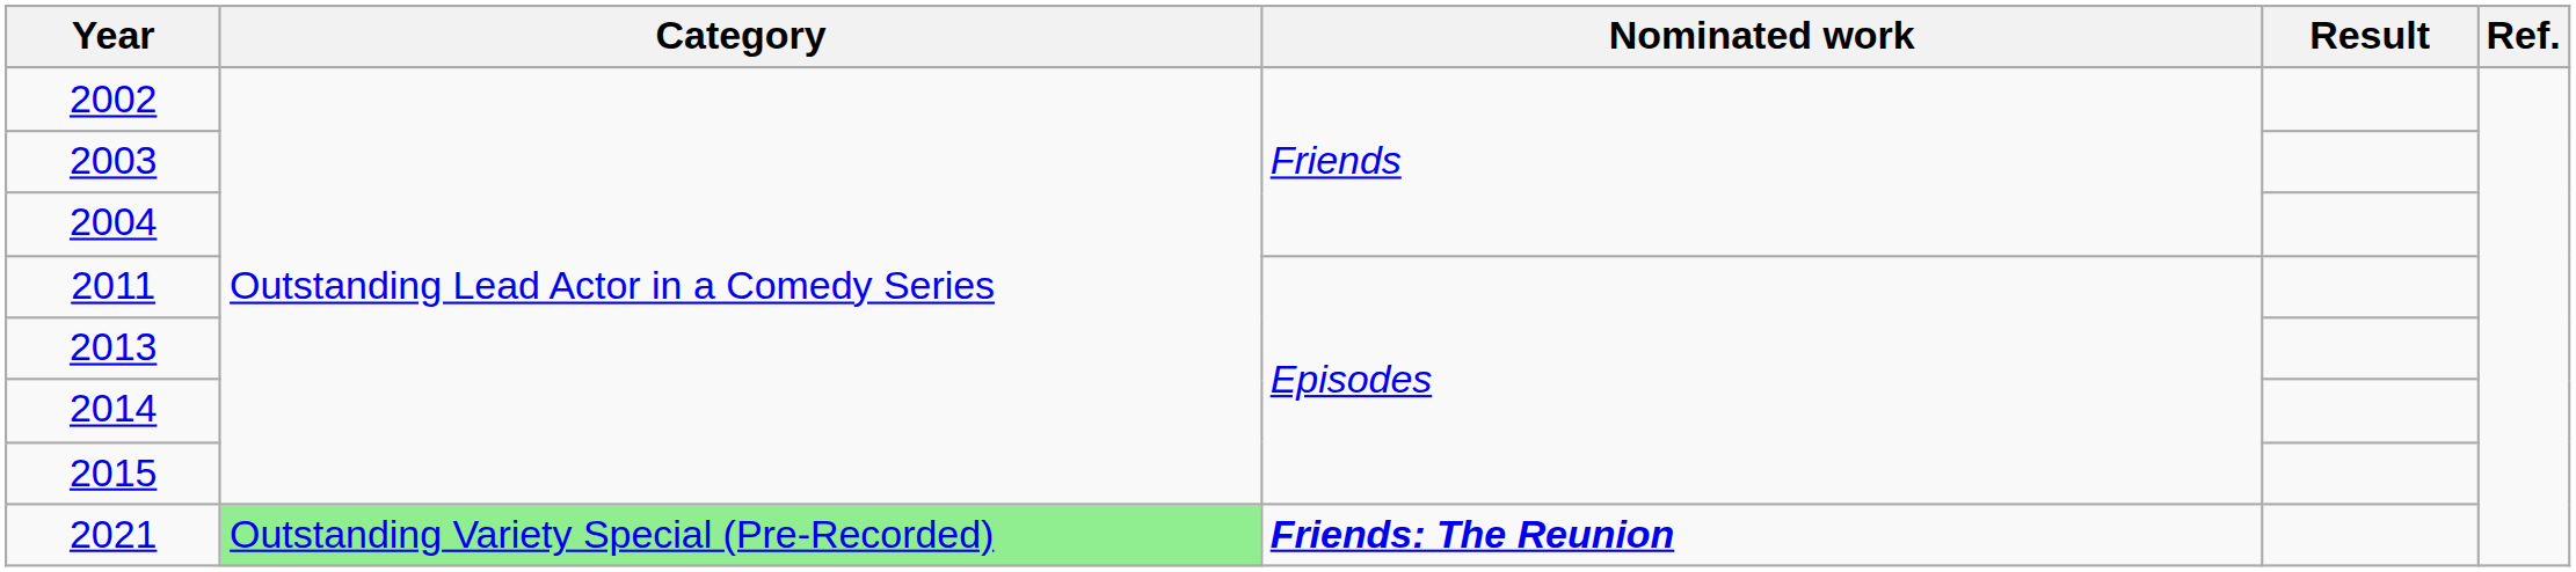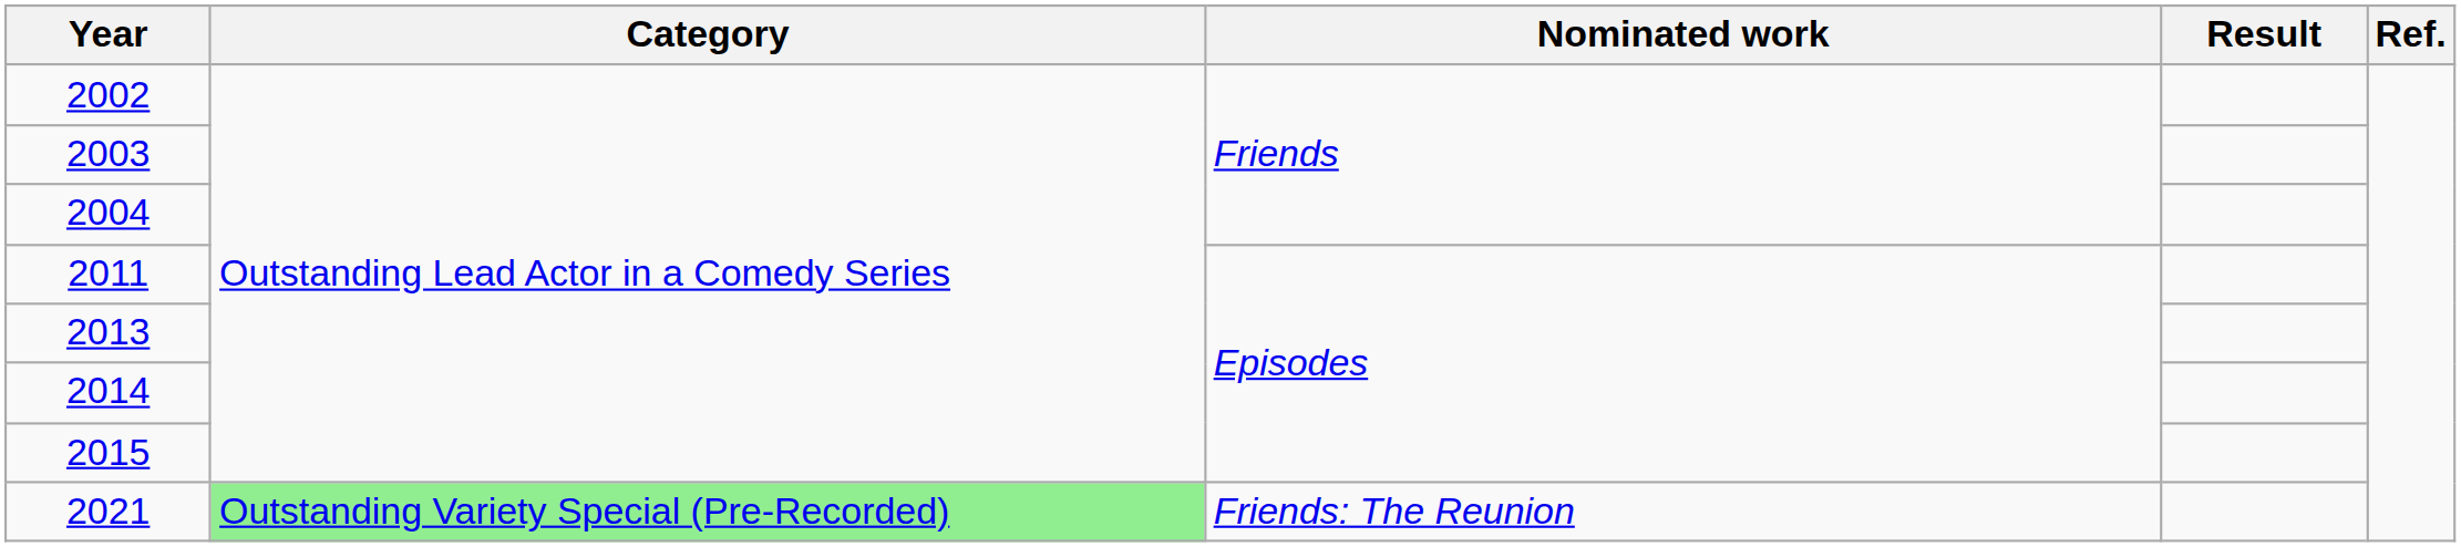 <table class=wikitable>
 <tr>
 <th scope="col" style="width:5em;">Year</th>
 <th scope="col" style="width:26em;">Category</th>
 <th scope="col" style="width:25em;">Nominated work</th>
 <th scope="col" style="width:5em;">Result</th>
 <th>Ref.</th>
 </tr>
 <tr>
 <td style="text-align:center;"><a href='#'>2002</a></td>
 <td rowspan=7><a href='#'>Outstanding Lead Actor in a Comedy Series</a></td>
 <td rowspan=3><em><a href='#'>Friends</a></em></td>
 <td></td>
 <td rowspan=8></td>
 </tr>
 <tr>
 <td style="text-align:center;"><a href='#'>2003</a></td>
 <td></td>
 </tr>
 <tr>
 <td style="text-align:center;"><a href='#'>2004</a></td>
 <td></td>
 </tr>
 <tr>
 <td style="text-align:center;"><a href='#'>2011</a></td>
 <td rowspan="4"><em><a href='#'>Episodes</a></em></td>
 <td></td>
 </tr>
 <tr>
 <td style="text-align:center;"><a href='#'>2013</a></td>
 <td></td>
 </tr>
 <tr>
 <td style="text-align:center;"><a href='#'>2014</a></td>
 <td></td>
 </tr>
 <tr>
 <td style="text-align:center;"><a href='#'>2015</a></td>
 <td></td>
 </tr>
 <tr>
 <td style="text-align:center;"><a href='#'>2021</a></td>
 <td style="background: lightgreen;"><a href='#'>Outstanding Variety Special (Pre-Recorded)</a></td>
-<td><strong><em><a href='#'>Friends: The Reunion</a></em></strong></td>
+<td><em><a href='#'>Friends: The Reunion</a></em></td>
 <td></td>
 </tr>
 </table>
